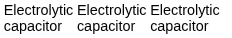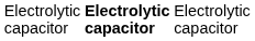 <table>
 <tr>
 <td></td>
 <td></td>
 <td></td>
 </tr>
 <tr>
 <td>Electrolytic <br> capacitor</td>
-<td>Electrolytic<br> capacitor</td>
+<td><strong>Electrolytic<br> capacitor</strong></td>
 <td>Electrolytic<br> capacitor</td>
 </tr>
 </table>
